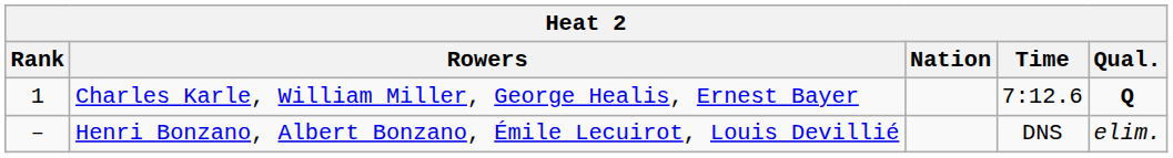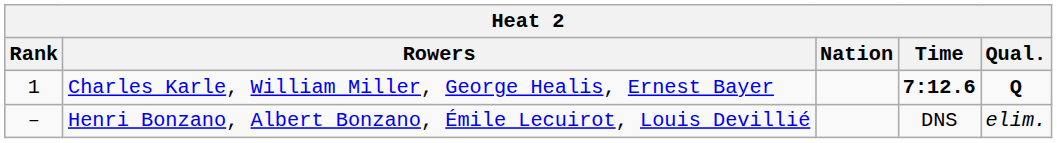 <table class="wikitable" style="text-align:center">
 <tr>
 <th colspan=5 align=center><strong>Heat 2</strong></th>
 </tr>
 <tr>
 <th>Rank</th>
 <th>Rowers</th>
 <th>Nation</th>
 <th>Time</th>
 <th>Qual.</th>
 </tr>
 <tr>
 <td>1</td>
 <td align=left><a href='#'>Charles Karle</a>, <a href='#'>William Miller</a>, <a href='#'>George Healis</a>, <a href='#'>Ernest Bayer</a></td>
 <td align=left></td>
-<td>7:12.6</td>
+<td><strong>7:12.6</strong></td>
 <td><strong>Q</strong></td>
 </tr>
 <tr>
 <td>–</td>
 <td align=left><a href='#'>Henri Bonzano</a>, <a href='#'>Albert Bonzano</a>, <a href='#'>Émile Lecuirot</a>, <a href='#'>Louis Devillié</a></td>
 <td align=left></td>
 <td>DNS</td>
 <td><em>elim.</em></td>
 </tr>
 </table>
